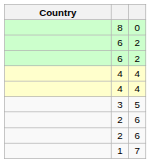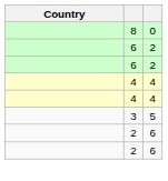 <table class=wikitable style="font-size:95%;text-align: center">
 <tr>
 <th width=160>Country</th>
 <th width=20></th>
 <th width=20></th>
 </tr>
 <tr style="background:#ccffcc;">
 <td style="text-align:left;"></td>
 <td>8</td>
 <td>0</td>
 </tr>
 <tr style="background:#ccffcc">
 <td style="text-align:left;"></td>
 <td>6</td>
 <td>2</td>
 </tr>
 <tr style="background:#ccffcc;">
 <td style="text-align:left;"></td>
 <td>6</td>
 <td>2</td>
 </tr>
 <tr style="background:#ffffcc">
 <td style="text-align:left;"></td>
 <td>4</td>
 <td>4</td>
 </tr>
 <tr style="background:#ffffcc">
 <td style="text-align:left;"></td>
 <td>4</td>
 <td>4</td>
 </tr>
 <tr>
 <td style="text-align:left;"></td>
 <td>3</td>
 <td>5</td>
 </tr>
 <tr>
 <td style="text-align:left;"></td>
 <td>2</td>
 <td>6</td>
 </tr>
 <tr>
 <td style="text-align:left;"></td>
 <td>2</td>
 <td>6</td>
 </tr>
-<tr>
-<td style="text-align:left;"></td>
-<td>1</td>
-<td>7</td>
-</tr>
 </table>
